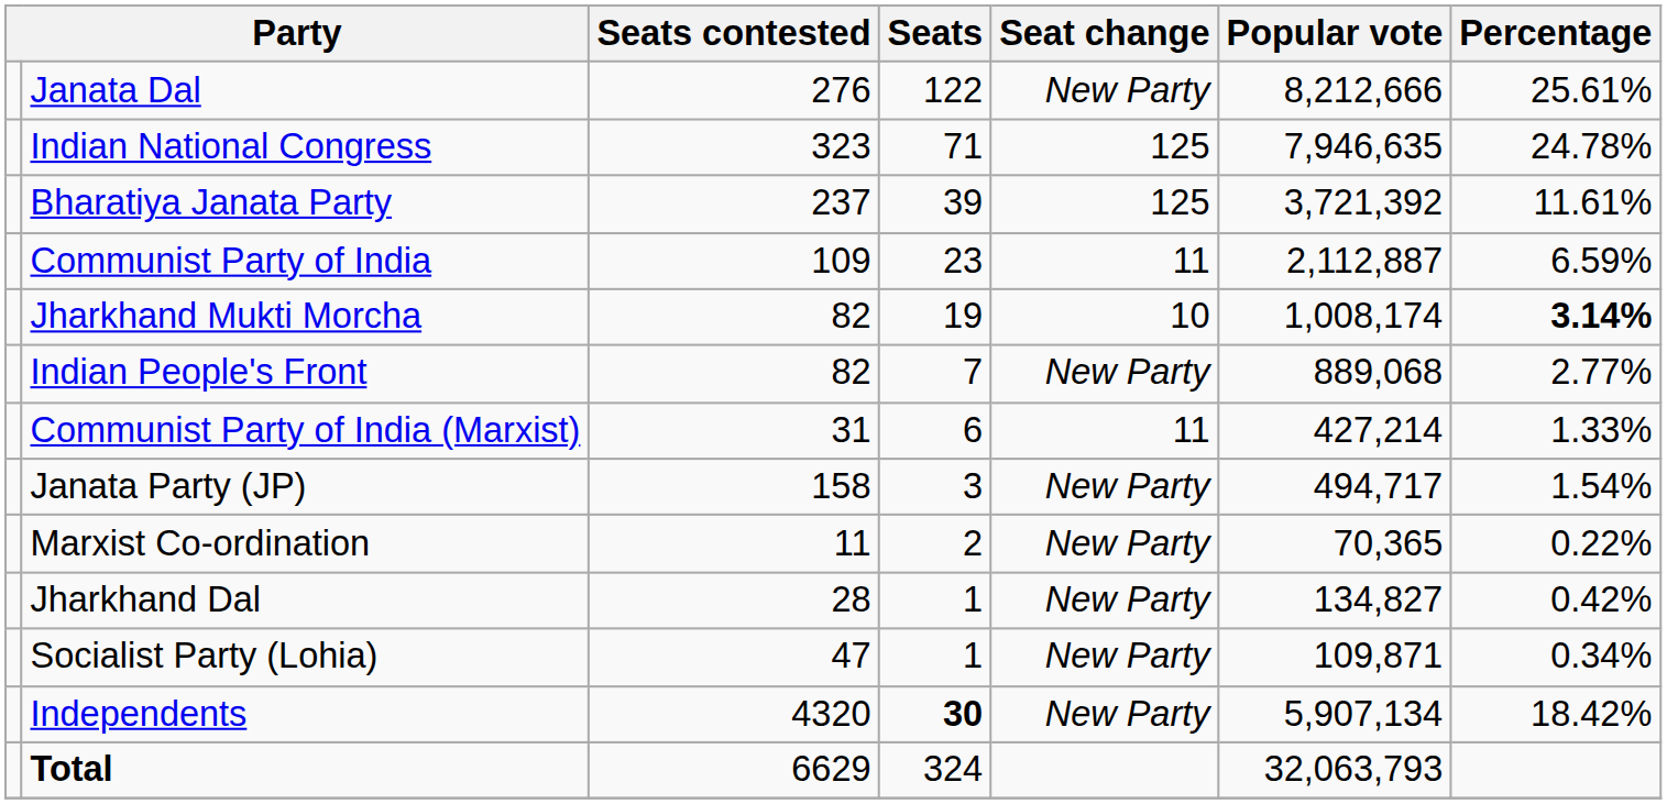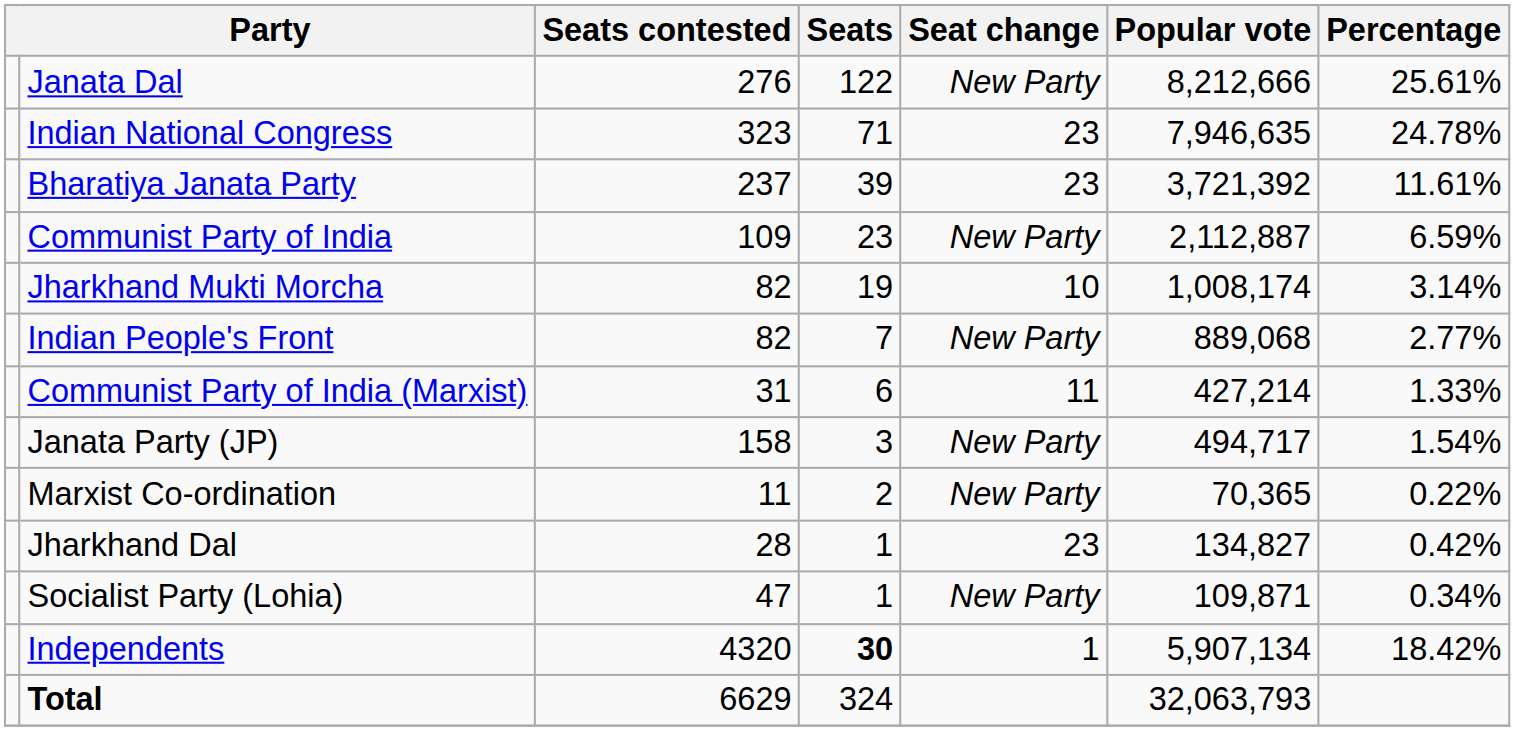 <table class="wikitable">
 <tr>
 <th colspan="2">Party</th>
 <th>Seats contested</th>
 <th>Seats</th>
 <th>Seat change</th>
 <th>Popular vote</th>
 <th>Percentage</th>
 </tr>
 <tr>
 <td style="background-color: "></td>
 <td><a href='#'>Janata Dal</a></td>
 <td align="right">276</td>
 <td align="right">122</td>
 <td align="right"><em>New Party</em></td>
 <td align="right">8,212,666</td>
 <td align="right">25.61%</td>
 </tr>
 <tr>
 <td style="background-color: "></td>
 <td><a href='#'>Indian National Congress</a></td>
 <td align="right">323</td>
 <td align="right">71</td>
-<td align="right"> 125</td>
+<td align="right"> 23</td>
 <td align="right">7,946,635</td>
 <td align="right">24.78%</td>
 </tr>
 <tr>
 <td style="background-color: "></td>
 <td><a href='#'>Bharatiya Janata Party</a></td>
 <td align="right">237</td>
 <td align="right">39</td>
-<td align="right"> 125</td>
+<td align="right"> 23</td>
 <td align="right">3,721,392</td>
 <td align="right">11.61%</td>
 </tr>
 <tr>
 <td style="background-color: "></td>
 <td><a href='#'>Communist Party of India</a></td>
 <td align="right">109</td>
 <td align="right">23</td>
-<td align="right"> 11</td>
+<td align="right"><em>New Party</em></td>
 <td align="right">2,112,887</td>
 <td align="right">6.59%</td>
 </tr>
 <tr>
 <td style="background-color: "></td>
 <td><a href='#'>Jharkhand Mukti Morcha</a></td>
 <td align="right">82</td>
 <td align="right">19</td>
 <td align="right"> 10</td>
 <td align="right">1,008,174</td>
-<td align="right"><strong>3.14%</strong></td>
+<td align="right">3.14%</td>
 </tr>
 <tr>
 <td style="background-color: "></td>
 <td><a href='#'>Indian People's Front</a></td>
 <td align="right">82</td>
 <td align="right">7</td>
 <td align="right"><em>New Party</em></td>
 <td align="right">889,068</td>
 <td align="right">2.77%</td>
 </tr>
 <tr>
 <td style="background-color: "></td>
 <td><a href='#'>Communist Party of India (Marxist)</a></td>
 <td align="right">31</td>
 <td align="right">6</td>
 <td align="right"> 11</td>
 <td align="right">427,214</td>
 <td align="right">1.33%</td>
 </tr>
 <tr>
 <td></td>
 <td>Janata Party (JP)</td>
 <td align="right">158</td>
 <td align="right">3</td>
 <td align="right"><em>New Party</em></td>
 <td align="right">494,717</td>
 <td align="right">1.54%</td>
 </tr>
 <tr>
 <td></td>
 <td>Marxist Co-ordination</td>
 <td align="right">11</td>
 <td align="right">2</td>
 <td align="right"><em>New Party</em></td>
 <td align="right">70,365</td>
 <td align="right">0.22%</td>
 </tr>
 <tr>
 <td></td>
 <td>Jharkhand Dal</td>
 <td align="right">28</td>
 <td align="right">1</td>
-<td align="right"><em>New Party</em></td>
+<td align="right"> 23</td>
 <td align="right">134,827</td>
 <td align="right">0.42%</td>
 </tr>
 <tr>
 <td></td>
 <td>Socialist Party (Lohia)</td>
 <td align="right">47</td>
 <td align="right">1</td>
 <td align="right"><em>New Party</em></td>
 <td align="right">109,871</td>
 <td align="right">0.34%</td>
 </tr>
 <tr>
 <td style="background-color: "></td>
 <td><a href='#'>Independents</a></td>
 <td align="right">4320</td>
 <td align="right"><strong>30</strong></td>
-<td align="right"><em>New Party</em></td>
+<td align="right"> 1</td>
 <td align="right">5,907,134</td>
 <td align="right">18.42%</td>
 </tr>
 <tr>
 <td></td>
 <td><strong>Total</strong></td>
 <td align="right">6629</td>
 <td align="right">324</td>
 <td></td>
 <td align="right">32,063,793</td>
 <td></td>
 </tr>
 <tr>
 </tr>
 </table>
